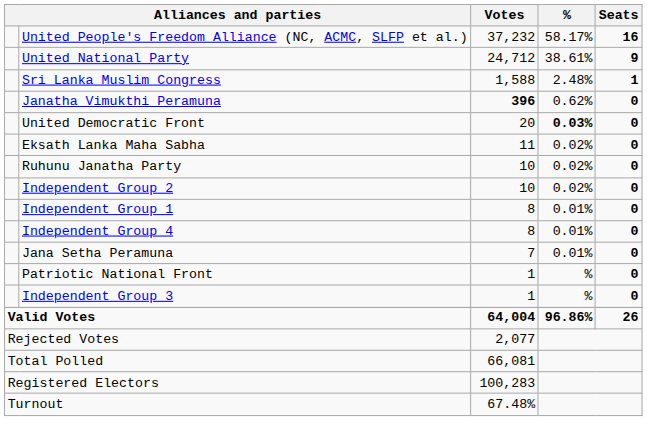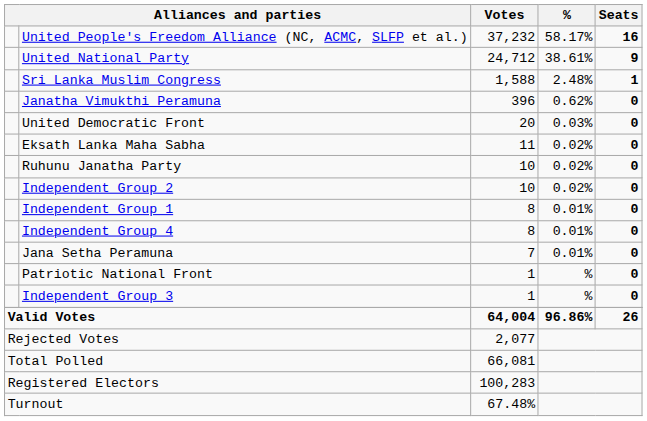 <table class="wikitable" border="1" style="text-align:right;">
 <tr>
 <th valign=bottom align=left colspan=2>Alliances and parties</th>
 <th valign=bottom align=center width="60">Votes</th>
 <th valign=bottom align=center width="50">%</th>
 <th valign=bottom align=center>Seats</th>
 </tr>
 <tr>
 <td bgcolor=> </td>
 <td align=left><a href='#'>United People's Freedom Alliance</a> (NC, <a href='#'>ACMC</a>, <a href='#'>SLFP</a> et al.)</td>
 <td>37,232</td>
 <td>58.17%</td>
 <td><strong>16</strong></td>
 </tr>
 <tr>
 <td bgcolor=> </td>
 <td align=left><a href='#'>United National Party</a></td>
 <td>24,712</td>
 <td>38.61%</td>
 <td><strong>9</strong></td>
 </tr>
 <tr>
 <td bgcolor=> </td>
 <td align=left><a href='#'>Sri Lanka Muslim Congress</a></td>
 <td>1,588</td>
 <td>2.48%</td>
 <td><strong>1</strong></td>
 </tr>
 <tr>
 <td bgcolor=> </td>
 <td align=left><a href='#'>Janatha Vimukthi Peramuna</a></td>
-<td><strong>396</strong></td>
+<td>396</td>
 <td>0.62%</td>
 <td><strong>0</strong></td>
 </tr>
 <tr>
 <td></td>
 <td align=left>United Democratic Front</td>
 <td>20</td>
-<td><strong>0.03%</strong></td>
+<td>0.03%</td>
 <td><strong>0</strong></td>
 </tr>
 <tr>
 <td></td>
 <td align=left>Eksath Lanka Maha Sabha</td>
 <td>11</td>
 <td>0.02%</td>
 <td><strong>0</strong></td>
 </tr>
 <tr>
 <td></td>
 <td align=left>Ruhunu Janatha Party</td>
 <td>10</td>
 <td>0.02%</td>
 <td><strong>0</strong></td>
 </tr>
 <tr>
 <td></td>
 <td align=left><a href='#'>Independent Group 2</a></td>
 <td>10</td>
 <td>0.02%</td>
 <td><strong>0</strong></td>
 </tr>
 <tr>
 <td></td>
 <td align=left><a href='#'>Independent Group 1</a></td>
 <td>8</td>
 <td>0.01%</td>
 <td><strong>0</strong></td>
 </tr>
 <tr>
 <td></td>
 <td align=left><a href='#'>Independent Group 4</a></td>
 <td>8</td>
 <td>0.01%</td>
 <td><strong>0</strong></td>
 </tr>
 <tr>
 <td></td>
 <td align=left>Jana Setha Peramuna</td>
 <td>7</td>
 <td>0.01%</td>
 <td><strong>0</strong></td>
 </tr>
 <tr>
 <td></td>
 <td align=left>Patriotic National Front</td>
 <td>1</td>
 <td>%</td>
 <td><strong>0</strong></td>
 </tr>
 <tr>
 <td></td>
 <td align=left><a href='#'>Independent Group 3</a></td>
 <td>1</td>
 <td>%</td>
 <td><strong>0</strong></td>
 </tr>
 <tr>
 </tr>
 <tr>
 <td colspan=2 align=left><strong>Valid Votes</strong></td>
 <td><strong>64,004</strong></td>
 <td><strong>96.86%</strong></td>
 <td><strong>26</strong></td>
 </tr>
 <tr>
 <td colspan=2 align=left>Rejected Votes</td>
 <td>2,077</td>
 <td colspan=2></td>
 </tr>
 <tr>
 <td colspan=2 align=left>Total Polled</td>
 <td>66,081</td>
 <td colspan=2></td>
 </tr>
 <tr>
 <td colspan=2 align=left>Registered Electors</td>
 <td>100,283</td>
 <td colspan=2></td>
 </tr>
 <tr>
 <td colspan=2 align=left>Turnout</td>
 <td>67.48%</td>
 <td colspan=2></td>
 </tr>
 </table>
